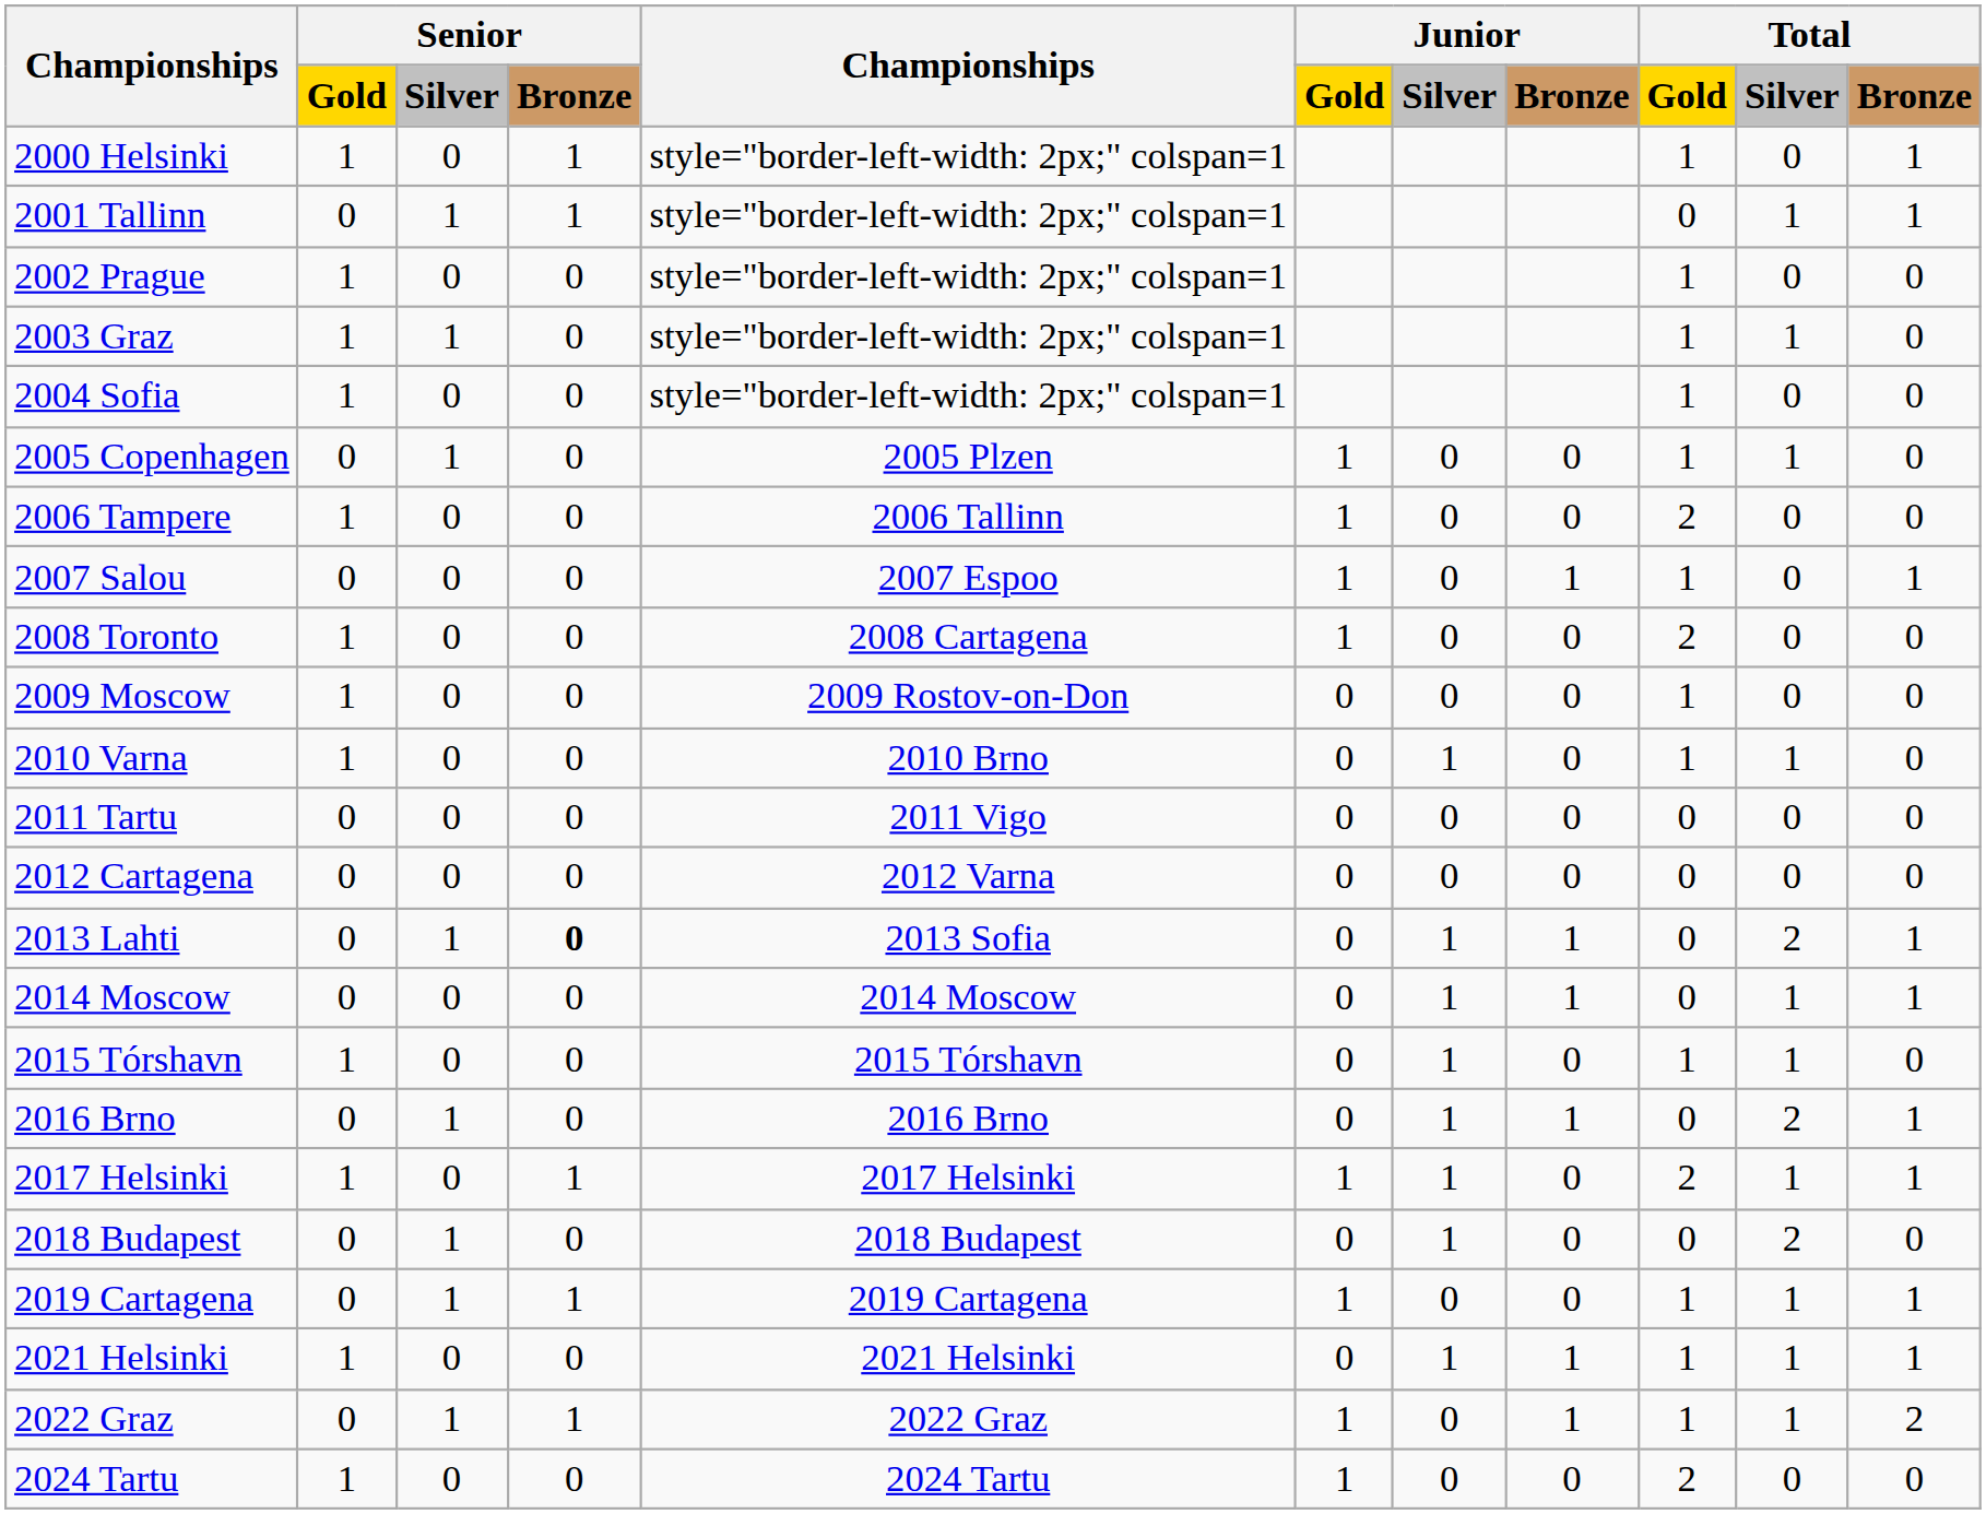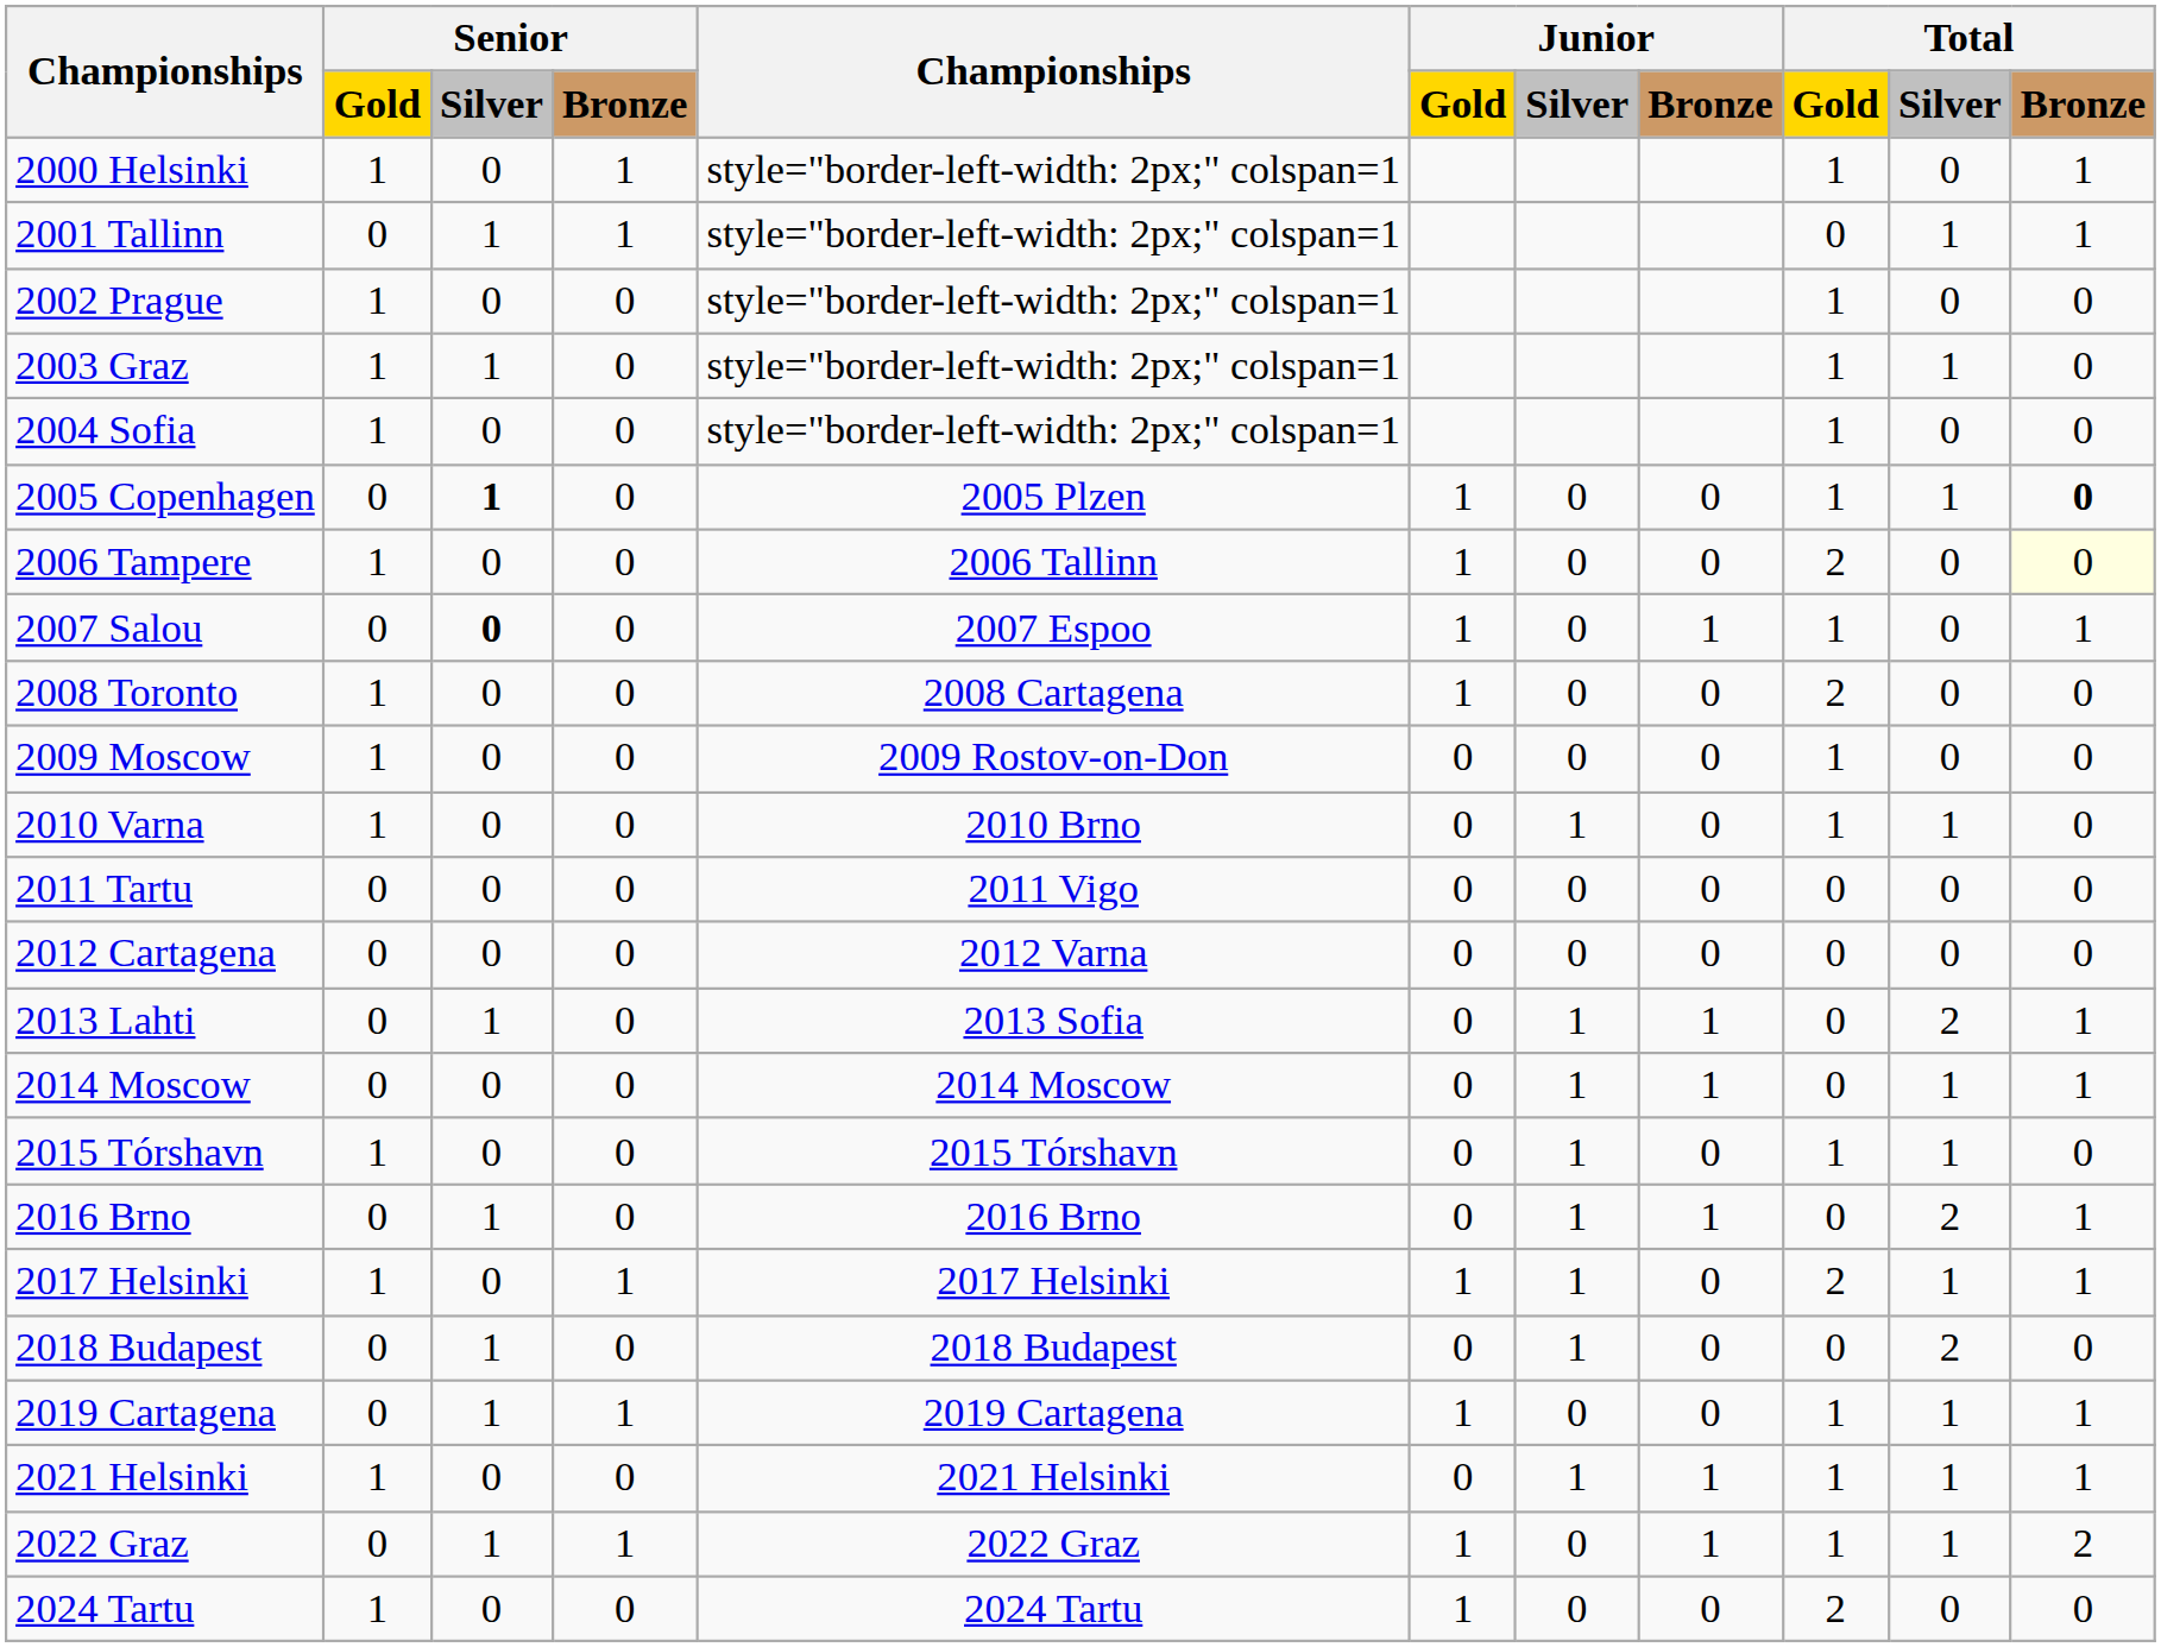 <table class="wikitable" style="text-align:center">
 <tr>
 <th rowspan="2">Championships</th>
 <th colspan="3">Senior</th>
 <th rowspan="2">Championships</th>
 <th colspan="3">Junior</th>
 <th colspan="3">Total</th>
 </tr>
 <tr>
 <th style="background-color: gold;">Gold</th>
 <th style="background-color: silver;">Silver</th>
 <th style="background-color: #cc9966;">Bronze</th>
 <th style="background-color: gold;">Gold</th>
 <th style="background-color: silver;">Silver</th>
 <th style="background-color: #cc9966;">Bronze</th>
 <th style="background-color: gold;">Gold</th>
 <th style="background-color: silver;">Silver</th>
 <th style="background-color: #cc9966;">Bronze</th>
 </tr>
 <tr>
 <td align="left"><a href='#'>2000 Helsinki</a></td>
 <td>1</td>
 <td>0</td>
 <td>1</td>
 <td>style="border-left-width: 2px;" colspan=1 </td>
 <td></td>
 <td></td>
 <td></td>
 <td>1</td>
 <td>0</td>
 <td>1</td>
 </tr>
 <tr>
 <td align="left"><a href='#'>2001 Tallinn</a></td>
 <td>0</td>
 <td>1</td>
 <td>1</td>
 <td>style="border-left-width: 2px;" colspan=1 </td>
 <td></td>
 <td></td>
 <td></td>
 <td>0</td>
 <td>1</td>
 <td>1</td>
 </tr>
 <tr>
 <td align="left"><a href='#'>2002 Prague</a></td>
 <td>1</td>
 <td>0</td>
 <td>0</td>
 <td>style="border-left-width: 2px;" colspan=1 </td>
 <td></td>
 <td></td>
 <td></td>
 <td>1</td>
 <td>0</td>
 <td>0</td>
 </tr>
 <tr>
 <td align="left"><a href='#'>2003 Graz</a></td>
 <td>1</td>
 <td>1</td>
 <td>0</td>
 <td>style="border-left-width: 2px;" colspan=1 </td>
 <td></td>
 <td></td>
 <td></td>
 <td>1</td>
 <td>1</td>
 <td>0</td>
 </tr>
 <tr>
 <td align="left"><a href='#'>2004 Sofia</a></td>
 <td>1</td>
 <td>0</td>
 <td>0</td>
 <td>style="border-left-width: 2px;" colspan=1 </td>
 <td></td>
 <td></td>
 <td></td>
 <td>1</td>
 <td>0</td>
 <td>0</td>
 </tr>
 <tr>
 <td align="left"><a href='#'>2005 Copenhagen</a></td>
 <td>0</td>
-<td>1</td>
+<td><strong>1</strong></td>
 <td>0</td>
 <td><a href='#'>2005 Plzen</a></td>
 <td>1</td>
 <td>0</td>
 <td>0</td>
 <td>1</td>
 <td>1</td>
-<td>0</td>
+<td><strong>0</strong></td>
 </tr>
 <tr>
 <td align="left"><a href='#'>2006 Tampere</a></td>
 <td>1</td>
 <td>0</td>
 <td>0</td>
 <td><a href='#'>2006 Tallinn</a></td>
 <td>1</td>
 <td>0</td>
 <td>0</td>
 <td>2</td>
 <td>0</td>
-<td>0</td>
+<td style="background: lightyellow;">0</td>
 </tr>
 <tr>
 <td align="left"><a href='#'>2007 Salou</a></td>
 <td>0</td>
-<td>0</td>
+<td><strong>0</strong></td>
 <td>0</td>
 <td><a href='#'>2007 Espoo</a></td>
 <td>1</td>
 <td>0</td>
 <td>1</td>
 <td>1</td>
 <td>0</td>
 <td>1</td>
 </tr>
 <tr>
 <td align="left"><a href='#'>2008 Toronto</a></td>
 <td>1</td>
 <td>0</td>
 <td>0</td>
 <td><a href='#'>2008 Cartagena</a></td>
 <td>1</td>
 <td>0</td>
 <td>0</td>
 <td>2</td>
 <td>0</td>
 <td>0</td>
 </tr>
 <tr>
 <td align="left"><a href='#'>2009 Moscow</a></td>
 <td>1</td>
 <td>0</td>
 <td>0</td>
 <td><a href='#'>2009 Rostov-on-Don</a></td>
 <td>0</td>
 <td>0</td>
 <td>0</td>
 <td>1</td>
 <td>0</td>
 <td>0</td>
 </tr>
 <tr>
 <td align="left"><a href='#'>2010 Varna</a></td>
 <td>1</td>
 <td>0</td>
 <td>0</td>
 <td><a href='#'>2010 Brno</a></td>
 <td>0</td>
 <td>1</td>
 <td>0</td>
 <td>1</td>
 <td>1</td>
 <td>0</td>
 </tr>
 <tr>
 <td align="left"><a href='#'>2011 Tartu</a></td>
 <td>0</td>
 <td>0</td>
 <td>0</td>
 <td><a href='#'>2011 Vigo</a></td>
 <td>0</td>
 <td>0</td>
 <td>0</td>
 <td>0</td>
 <td>0</td>
 <td>0</td>
 </tr>
 <tr>
 <td align="left"><a href='#'>2012 Cartagena</a></td>
 <td>0</td>
 <td>0</td>
 <td>0</td>
 <td><a href='#'>2012 Varna</a></td>
 <td>0</td>
 <td>0</td>
 <td>0</td>
 <td>0</td>
 <td>0</td>
 <td>0</td>
 </tr>
 <tr>
 <td align="left"><a href='#'>2013 Lahti</a></td>
 <td>0</td>
 <td>1</td>
-<td><strong>0</strong></td>
+<td>0</td>
 <td><a href='#'>2013 Sofia</a></td>
 <td>0</td>
 <td>1</td>
 <td>1</td>
 <td>0</td>
 <td>2</td>
 <td>1</td>
 </tr>
 <tr>
 <td align="left"><a href='#'>2014 Moscow</a></td>
 <td>0</td>
 <td>0</td>
 <td>0</td>
 <td><a href='#'>2014 Moscow</a></td>
 <td>0</td>
 <td>1</td>
 <td>1</td>
 <td>0</td>
 <td>1</td>
 <td>1</td>
 </tr>
 <tr>
 <td align="left"><a href='#'>2015 Tórshavn</a></td>
 <td>1</td>
 <td>0</td>
 <td>0</td>
 <td><a href='#'>2015 Tórshavn</a></td>
 <td>0</td>
 <td>1</td>
 <td>0</td>
 <td>1</td>
 <td>1</td>
 <td>0</td>
 </tr>
 <tr>
 <td align="left"><a href='#'>2016 Brno</a></td>
 <td>0</td>
 <td>1</td>
 <td>0</td>
 <td><a href='#'>2016 Brno</a></td>
 <td>0</td>
 <td>1</td>
 <td>1</td>
 <td>0</td>
 <td>2</td>
 <td>1</td>
 </tr>
 <tr>
 <td align="left"><a href='#'>2017 Helsinki</a></td>
 <td>1</td>
 <td>0</td>
 <td>1</td>
 <td><a href='#'>2017 Helsinki</a></td>
 <td>1</td>
 <td>1</td>
 <td>0</td>
 <td>2</td>
 <td>1</td>
 <td>1</td>
 </tr>
 <tr>
 <td align="left"><a href='#'>2018 Budapest</a></td>
 <td>0</td>
 <td>1</td>
 <td>0</td>
 <td><a href='#'>2018 Budapest</a></td>
 <td>0</td>
 <td>1</td>
 <td>0</td>
 <td>0</td>
 <td>2</td>
 <td>0</td>
 </tr>
 <tr>
 <td align="left"><a href='#'>2019 Cartagena</a></td>
 <td>0</td>
 <td>1</td>
 <td>1</td>
 <td><a href='#'>2019 Cartagena</a></td>
 <td>1</td>
 <td>0</td>
 <td>0</td>
 <td>1</td>
 <td>1</td>
 <td>1</td>
 </tr>
 <tr>
 <td align="left"><a href='#'>2021 Helsinki</a></td>
 <td>1</td>
 <td>0</td>
 <td>0</td>
 <td><a href='#'>2021 Helsinki</a></td>
 <td>0</td>
 <td>1</td>
 <td>1</td>
 <td>1</td>
 <td>1</td>
 <td>1</td>
 </tr>
 <tr>
 <td align="left"><a href='#'>2022 Graz</a></td>
 <td>0</td>
 <td>1</td>
 <td>1</td>
 <td><a href='#'>2022 Graz</a></td>
 <td>1</td>
 <td>0</td>
 <td>1</td>
 <td>1</td>
 <td>1</td>
 <td>2</td>
 </tr>
 <tr>
 <td align="left"><a href='#'>2024 Tartu</a></td>
 <td>1</td>
 <td>0</td>
 <td>0</td>
 <td><a href='#'>2024 Tartu</a></td>
 <td>1</td>
 <td>0</td>
 <td>0</td>
 <td>2</td>
 <td>0</td>
 <td>0</td>
 </tr>
 </table>
